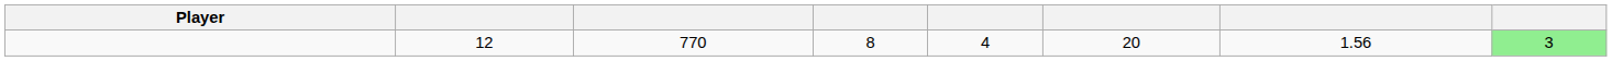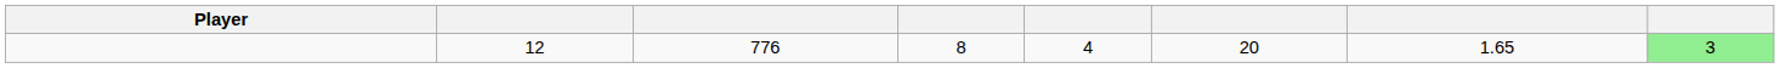 <table class="wikitable sortable" style="width:100%;">
 <tr style="text-align:center; background:#ddd;">
 <th>Player</th>
 <th></th>
 <th></th>
 <th></th>
 <th></th>
 <th></th>
 <th></th>
 <th></th>
 </tr>
 <tr align=center>
 <td></td>
 <td>12</td>
-<td>770</td>
+<td>776</td>
 <td>8</td>
 <td>4</td>
 <td>20</td>
-<td>1.56</td>
+<td>1.65</td>
 <td style="background: lightgreen;">3</td>
 </tr>
 </table>
